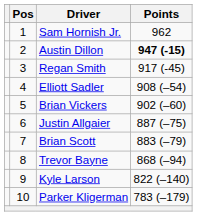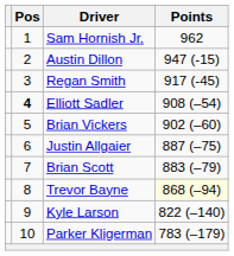 <table class="wikitable" style="font-size: 95%;">
 <tr>
 <th></th>
 <th>Pos</th>
 <th>Driver</th>
 <th>Points</th>
 </tr>
 <tr>
 <td align="left"></td>
 <td style="text-align:center;">1</td>
 <td><a href='#'>Sam Hornish Jr.</a></td>
 <td style="text-align:center;">962</td>
 </tr>
 <tr>
 <td align="left"></td>
 <td style="text-align:center;">2</td>
 <td><a href='#'>Austin Dillon</a></td>
-<td style="text-align:center;"><strong>947 (-15)</strong></td>
+<td style="text-align:center;">947 (-15)</td>
 </tr>
 <tr>
 <td align="left"></td>
 <td style="text-align:center;">3</td>
 <td><a href='#'>Regan Smith</a></td>
 <td style="text-align:center;">917 (-45)</td>
 </tr>
 <tr>
 <td align="left"></td>
-<td style="text-align:center;">4</td>
+<td style="text-align:center;"><strong>4</strong></td>
 <td><a href='#'>Elliott Sadler</a></td>
 <td style="text-align:center;">908 (–54)</td>
 </tr>
 <tr>
 <td align="left"></td>
 <td style="text-align:center;">5</td>
 <td><a href='#'>Brian Vickers</a></td>
 <td style="text-align:center;">902 (–60)</td>
 </tr>
 <tr>
 <td align="left"></td>
 <td style="text-align:center;">6</td>
 <td><a href='#'>Justin Allgaier</a></td>
 <td style="text-align:center;">887 (–75)</td>
 </tr>
 <tr>
 <td align="left"></td>
 <td style="text-align:center;">7</td>
 <td><a href='#'>Brian Scott</a></td>
 <td style="text-align:center;">883 (–79)</td>
 </tr>
 <tr>
 <td align="left"></td>
 <td style="text-align:center;">8</td>
 <td><a href='#'>Trevor Bayne</a></td>
-<td style="text-align:center;">868 (–94)</td>
+<td style="background: lightyellow; text-align:center;">868 (–94)</td>
 </tr>
 <tr>
 <td align="left"></td>
 <td style="text-align:center;">9</td>
 <td><a href='#'>Kyle Larson</a></td>
 <td style="text-align:center;">822 (–140)</td>
 </tr>
 <tr>
 <td align="left"></td>
 <td style="text-align:center;">10</td>
 <td><a href='#'>Parker Kligerman</a></td>
 <td style="text-align:center;">783 (–179)</td>
 </tr>
 <tr class="sortbottom">
 <th colspan="9"></th>
 </tr>
 </table>
